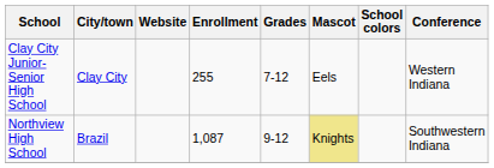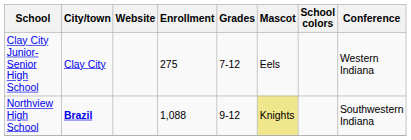 <table class="wikitable sortable" width="70%">
 <tr>
 <th width="20%">School</th>
 <th width="08%">City/town</th>
 <th width="06%">Website</th>
 <th width="04%">Enrollment</th>
 <th width="04%">Grades</th>
 <th width="04%">Mascot</th>
 <th width=01%>School colors</th>
 <th width="04%">Conference</th>
 </tr>
 <tr>
 <td><a href='#'>Clay City Junior-Senior High School</a></td>
 <td><a href='#'>Clay City</a></td>
 <td></td>
-<td>255</td>
+<td>275</td>
 <td>7-12</td>
 <td>Eels</td>
 <td> </td>
 <td>Western Indiana</td>
 </tr>
 <tr>
 <td><a href='#'>Northview High School</a></td>
-<td><a href='#'>Brazil</a></td>
+<td><strong><a href='#'>Brazil</a></strong></td>
 <td></td>
-<td>1,087</td>
+<td>1,088</td>
 <td>9-12</td>
 <td style="background: khaki;">Knights</td>
 <td>  </td>
 <td>Southwestern Indiana</td>
 </tr>
 <tr>
 </tr>
 </table>
